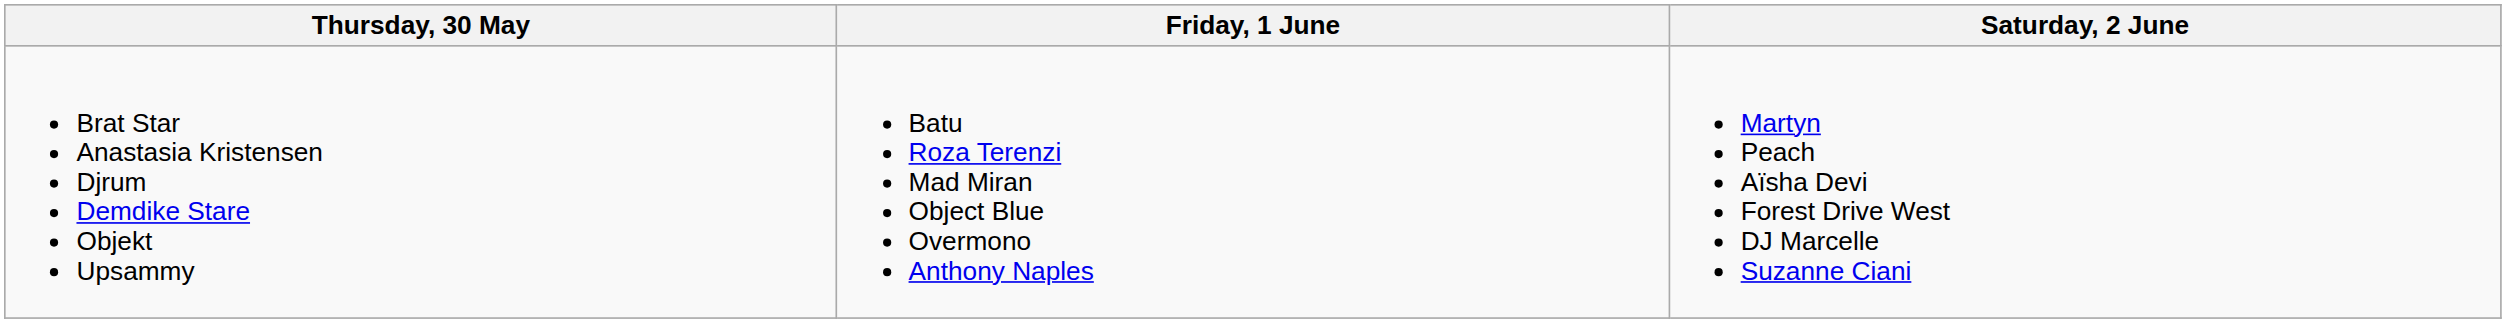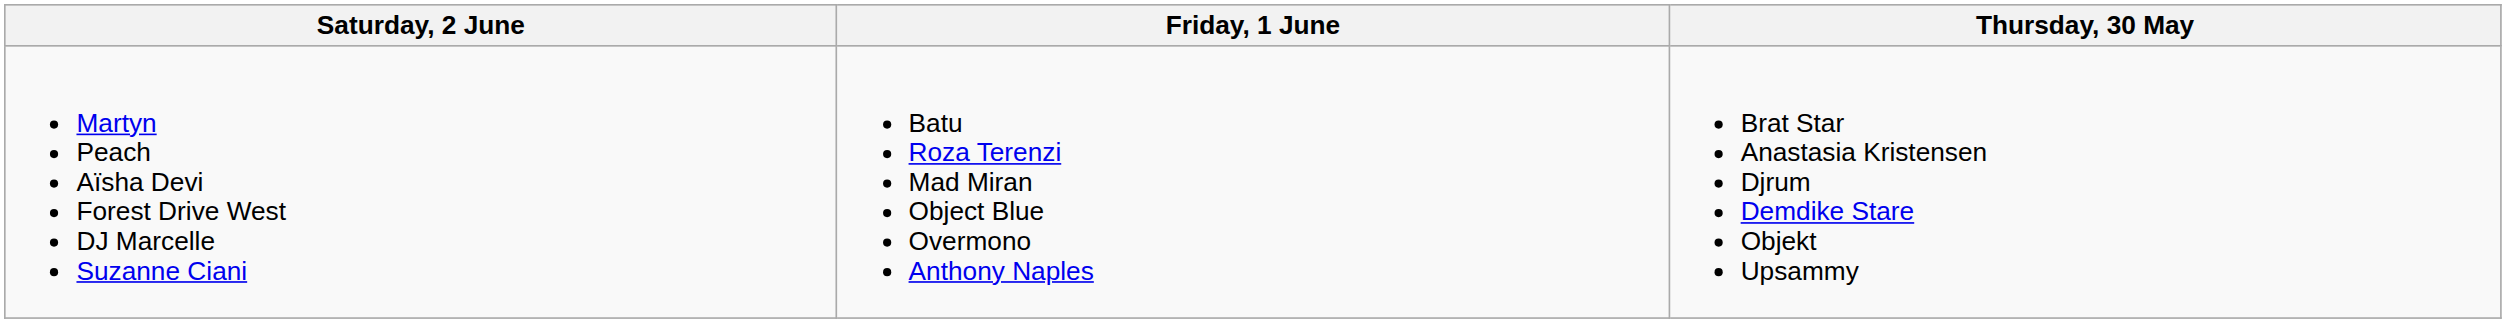 <table class="wikitable">
 <tr>
+<th width="500">Saturday, 2 June</th>
+<th width="500">Friday, 1 June</th>
 <th width="500">Thursday, 30 May</th>
-<th width="500">Friday, 1 June</th>
-<th width="500">Saturday, 2 June</th>
 </tr>
 <tr valign="top">
+<td><br><ul><li><a href='#'>Martyn</a></li><li>Peach</li><li>Aïsha Devi</li><li>Forest Drive West</li><li>DJ Marcelle</li><li><a href='#'>Suzanne Ciani</a></li></ul></td>
+<td><br><ul><li>Batu</li><li><a href='#'>Roza Terenzi</a></li><li>Mad Miran</li><li>Object Blue</li><li>Overmono</li><li><a href='#'>Anthony Naples</a></li></ul></td>
 <td><br><ul><li>Brat Star</li><li>Anastasia Kristensen</li><li>Djrum</li><li><a href='#'>Demdike Stare</a></li><li>Objekt</li><li>Upsammy</li></ul></td>
-<td><br><ul><li>Batu</li><li><a href='#'>Roza Terenzi</a></li><li>Mad Miran</li><li>Object Blue</li><li>Overmono</li><li><a href='#'>Anthony Naples</a></li></ul></td>
-<td><br><ul><li><a href='#'>Martyn</a></li><li>Peach</li><li>Aïsha Devi</li><li>Forest Drive West</li><li>DJ Marcelle</li><li><a href='#'>Suzanne Ciani</a></li></ul></td>
 </tr>
 </table>
